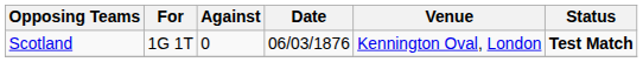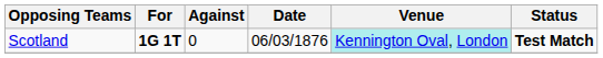 <table class="wikitable">
 <tr>
 <th>Opposing Teams</th>
 <th>For</th>
 <th>Against</th>
 <th>Date</th>
 <th>Venue</th>
 <th>Status</th>
 </tr>
 <tr>
 <td><a href='#'>Scotland</a></td>
-<td>1G 1T</td>
+<td><strong>1G 1T</strong></td>
 <td>0</td>
 <td>06/03/1876</td>
-<td><a href='#'>Kennington Oval</a>, <a href='#'>London</a></td>
+<td style="background: paleturquoise;"><a href='#'>Kennington Oval</a>, <a href='#'>London</a></td>
 <td><strong>Test Match</strong></td>
 </tr>
 <tr>
 </tr>
 </table>
